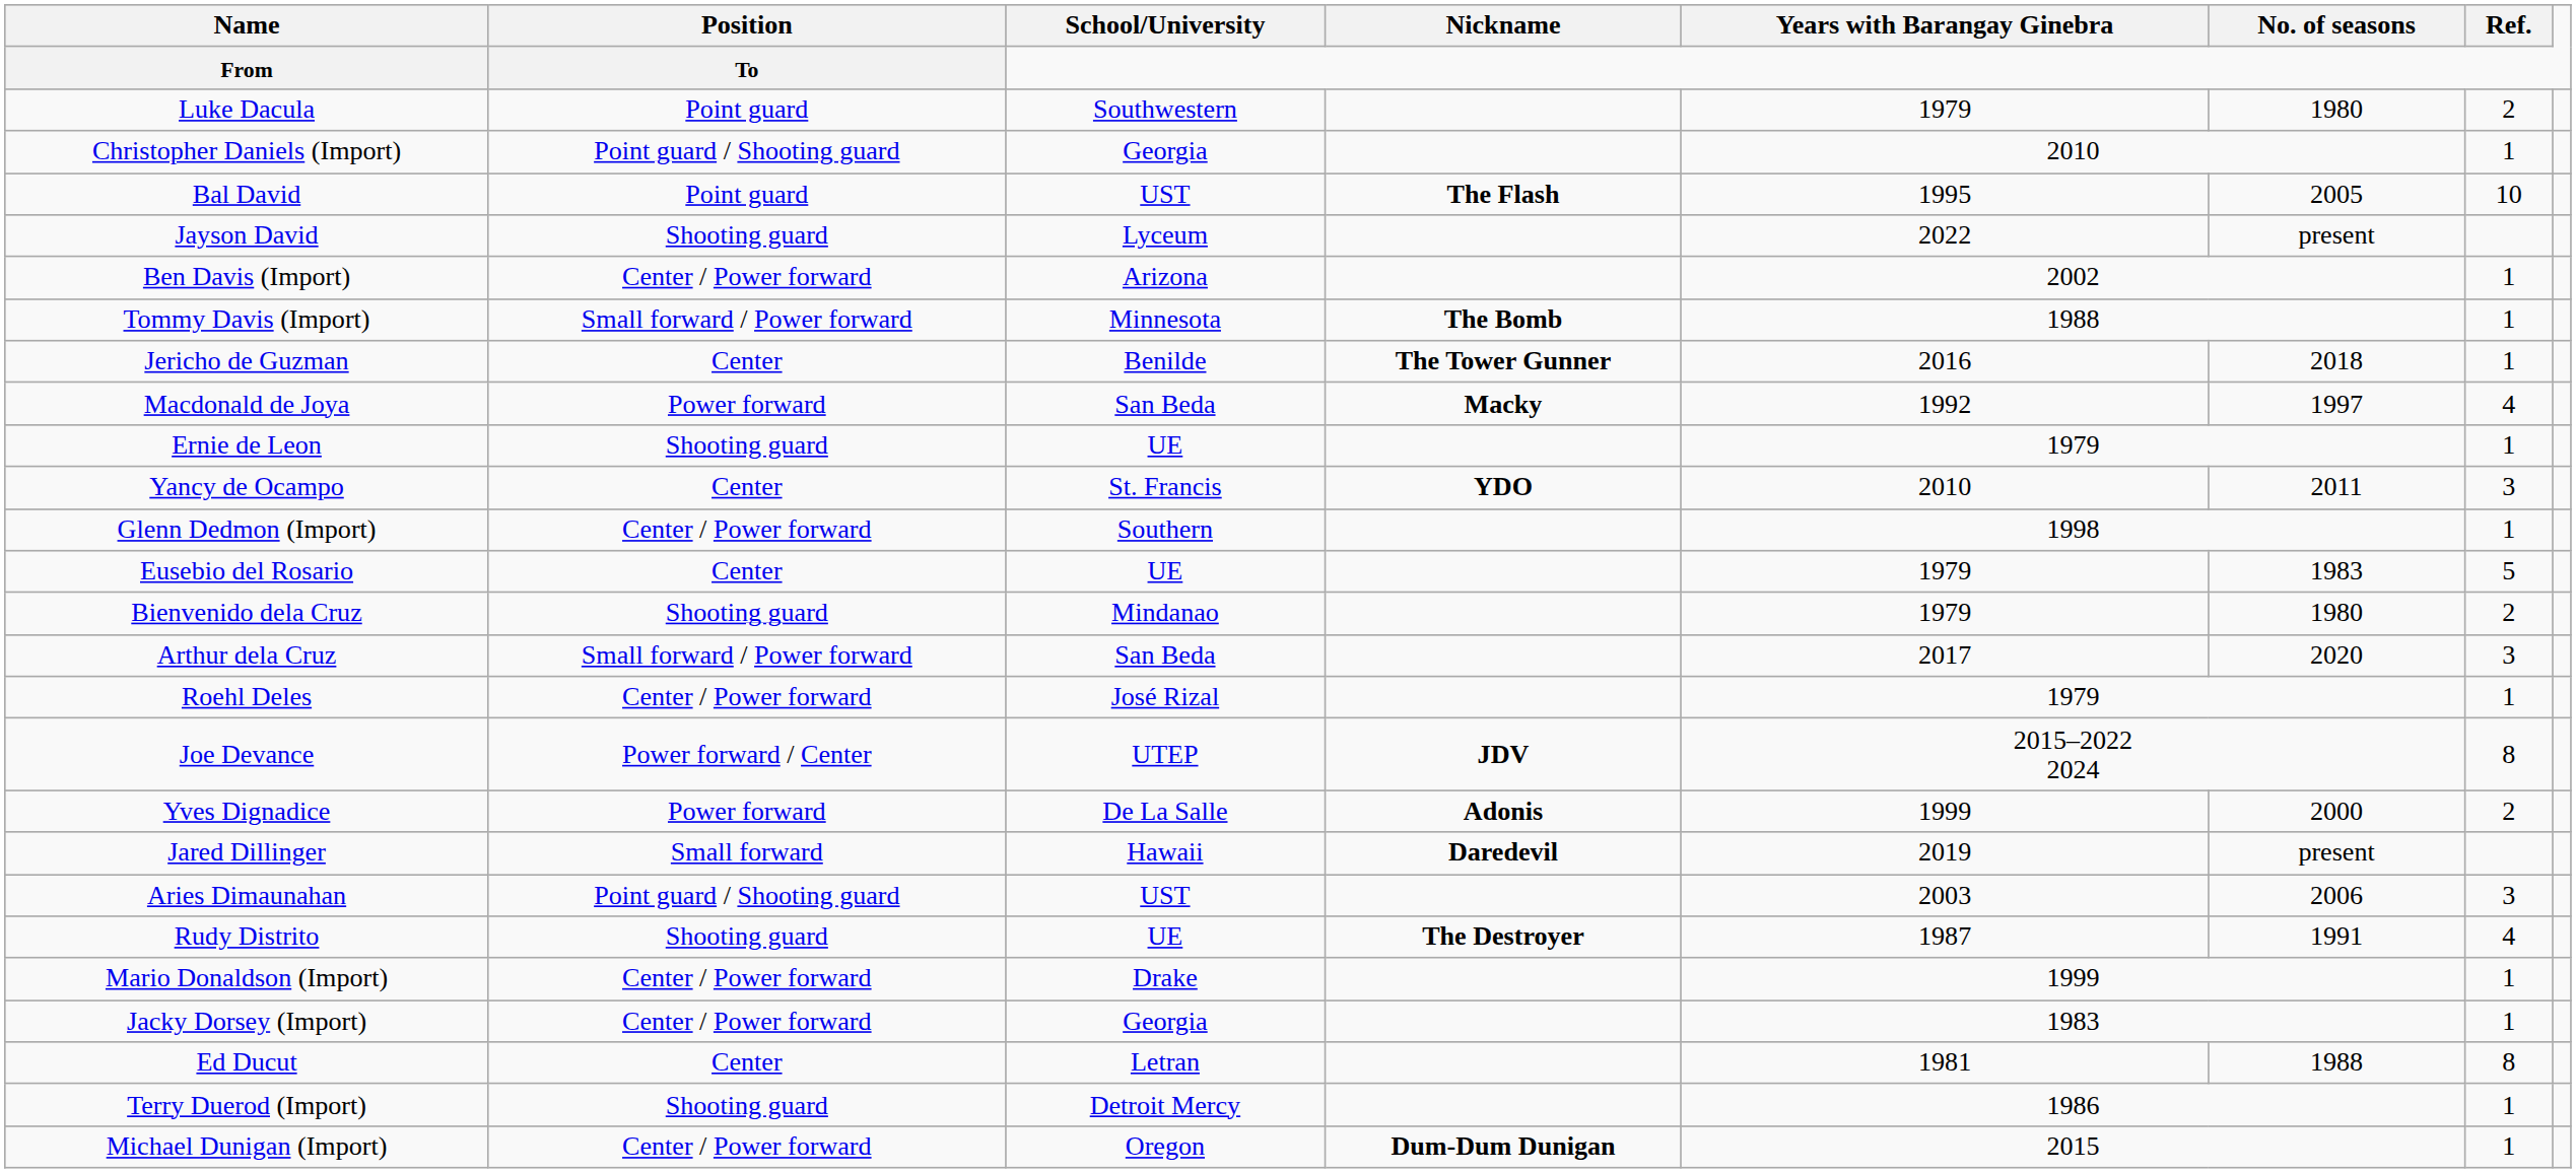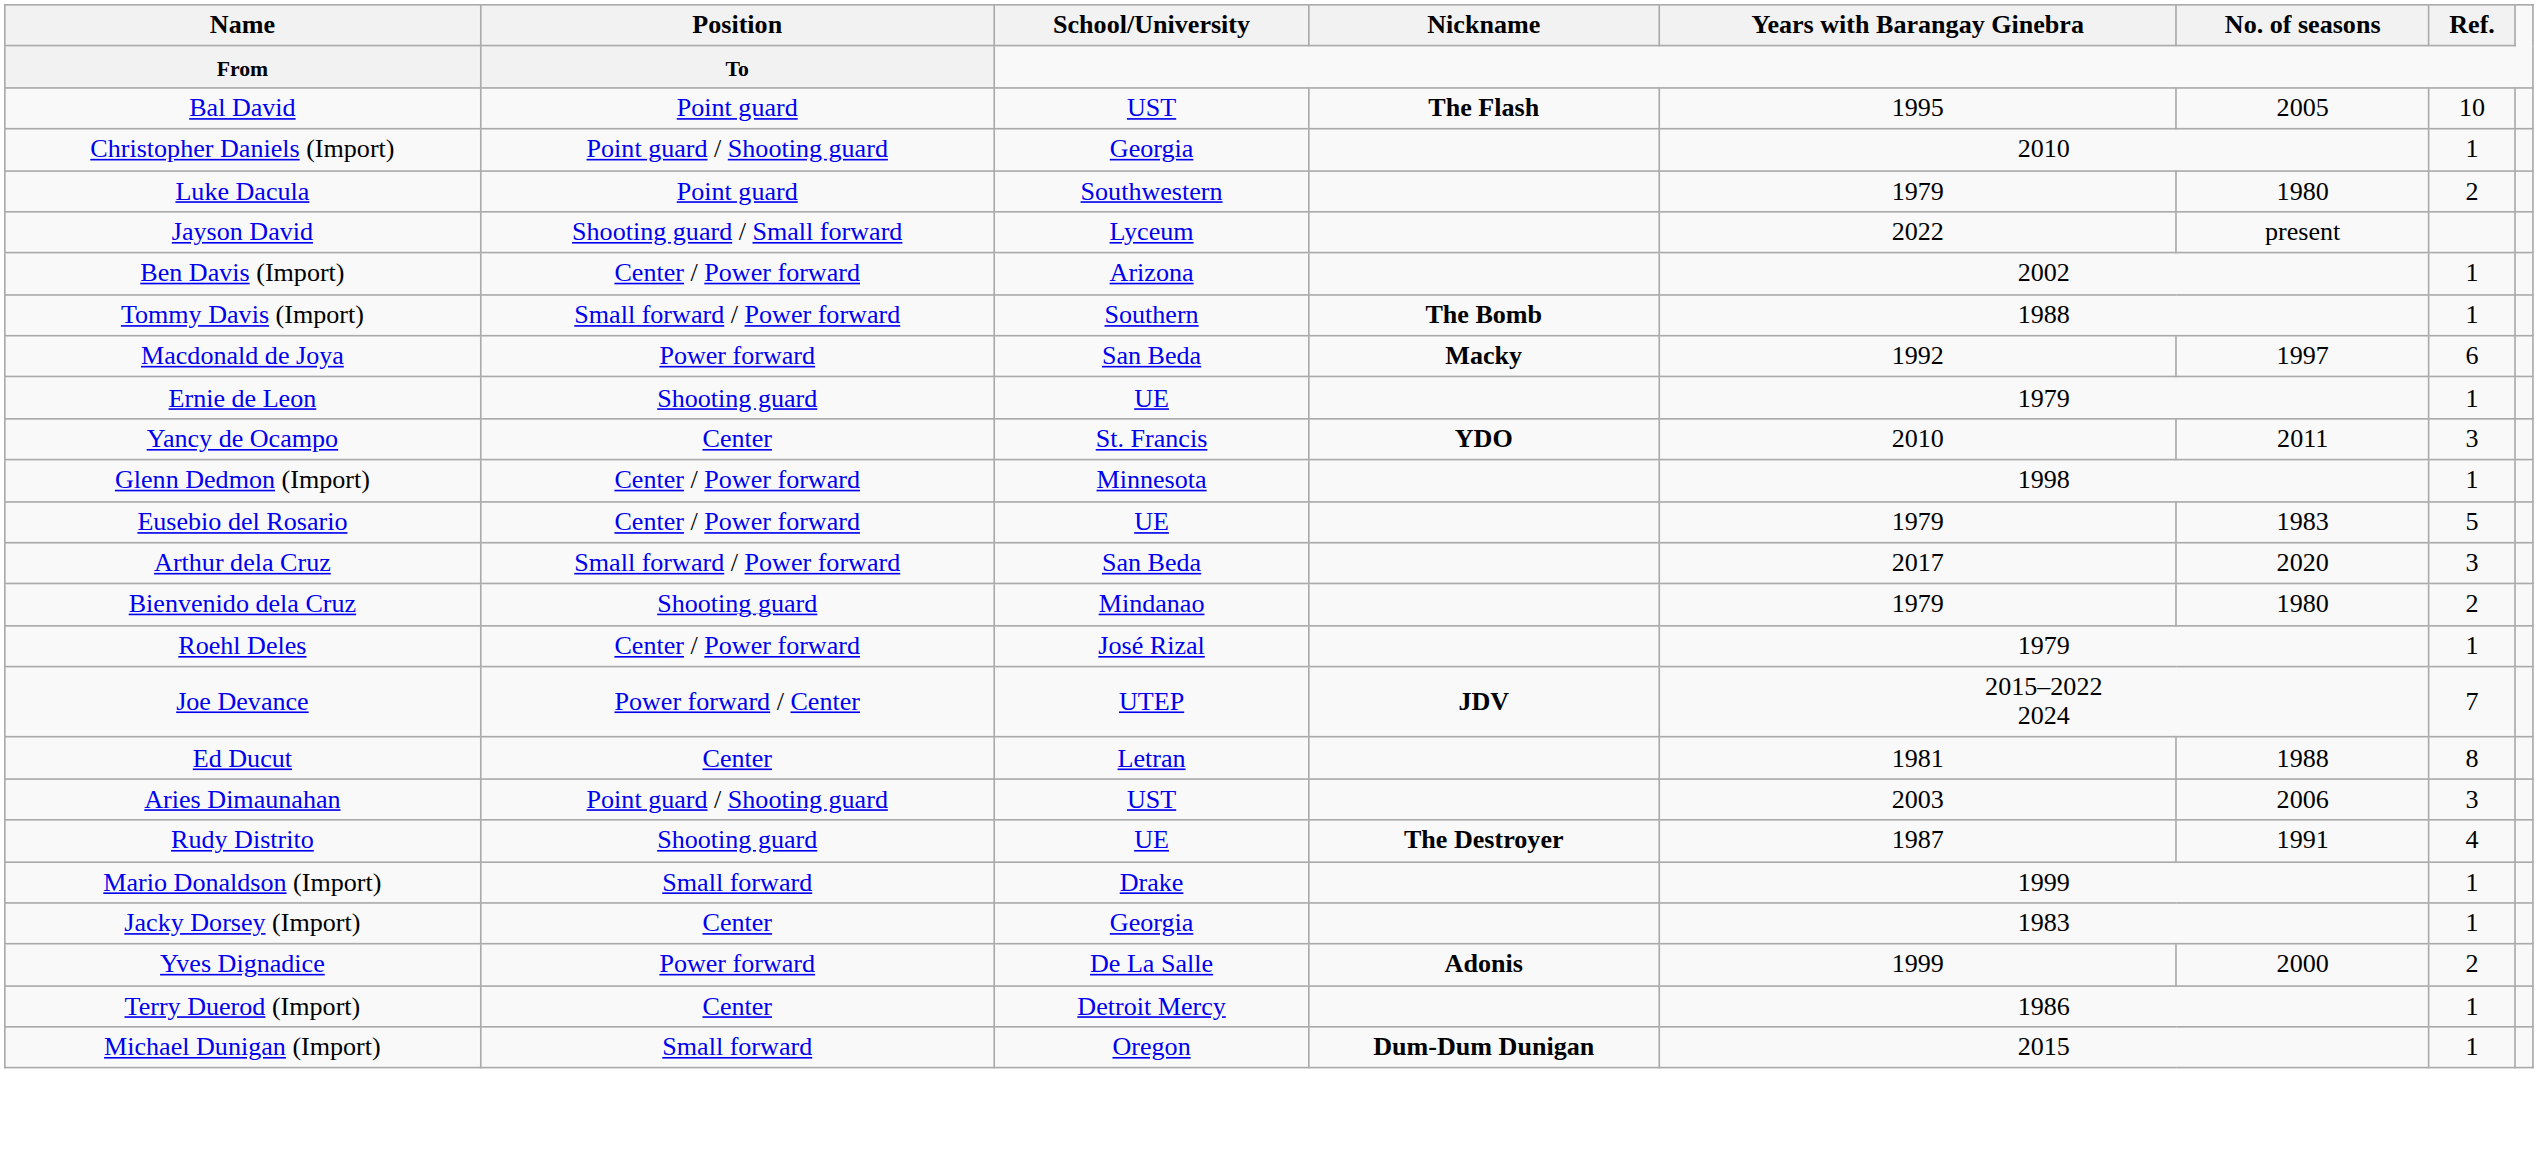 <table class="wikitable sortable" style="text-align:center" width="98%">
 <tr>
 <th>Name</th>
 <th>Position</th>
 <th>School/University</th>
 <th>Nickname</th>
 <th>Years with Barangay Ginebra</th>
 <th>No. of seasons</th>
 <th>Ref.</th>
 </tr>
 <tr>
 <th><small>From</small></th>
 <th><small>To</small></th>
 </tr>
 <tr>
-<td><a href='#'>Luke Dacula</a></td>
+<td><a href='#'>Bal David</a></td>
 <td><a href='#'>Point guard</a></td>
-<td><a href='#'>Southwestern</a></td>
-<td></td>
-<td>1979</td>
-<td>1980</td>
-<td>2</td>
+<td><a href='#'>UST</a></td>
+<td><strong>The Flash</strong></td>
+<td>1995</td>
+<td>2005</td>
+<td>10</td>
 <td></td>
 </tr>
 <tr>
 <td><a href='#'>Christopher Daniels</a> (Import)</td>
 <td><a href='#'>Point guard</a> / <a href='#'>Shooting guard</a></td>
 <td><a href='#'>Georgia</a></td>
 <td></td>
 <td colspan="2">2010</td>
 <td>1</td>
 <td></td>
 </tr>
 <tr>
-<td><a href='#'>Bal David</a></td>
+<td><a href='#'>Luke Dacula</a></td>
 <td><a href='#'>Point guard</a></td>
-<td><a href='#'>UST</a></td>
-<td><strong>The Flash</strong></td>
-<td>1995</td>
-<td>2005</td>
-<td>10</td>
+<td><a href='#'>Southwestern</a></td>
+<td></td>
+<td>1979</td>
+<td>1980</td>
+<td>2</td>
 <td></td>
 </tr>
 <tr>
 <td><a href='#'>Jayson David</a></td>
-<td><a href='#'>Shooting guard</a></td>
+<td><a href='#'>Shooting guard</a> / <a href='#'>Small forward</a></td>
 <td><a href='#'>Lyceum</a></td>
 <td></td>
 <td>2022</td>
 <td>present</td>
 <td></td>
 <td></td>
 </tr>
 <tr>
 <td><a href='#'>Ben Davis</a> (Import)</td>
 <td><a href='#'>Center</a> / <a href='#'>Power forward</a></td>
 <td><a href='#'>Arizona</a></td>
 <td></td>
 <td colspan="2">2002</td>
 <td>1</td>
 <td></td>
 </tr>
 <tr>
 <td><a href='#'>Tommy Davis</a> (Import)</td>
 <td><a href='#'>Small forward</a> / <a href='#'>Power forward</a></td>
-<td><a href='#'>Minnesota</a></td>
+<td><a href='#'>Southern</a></td>
 <td><strong>The Bomb</strong></td>
 <td colspan="2">1988</td>
-<td>1</td>
-<td></td>
-</tr>
-<tr>
-<td><a href='#'>Jericho de Guzman</a></td>
-<td><a href='#'>Center</a></td>
-<td><a href='#'>Benilde</a></td>
-<td><strong>The Tower Gunner</strong></td>
-<td>2016</td>
-<td>2018</td>
 <td>1</td>
 <td></td>
 </tr>
 <tr>
 <td><a href='#'>Macdonald de Joya</a></td>
 <td><a href='#'>Power forward</a></td>
 <td><a href='#'>San Beda</a></td>
 <td><strong>Macky</strong></td>
 <td>1992</td>
 <td>1997</td>
-<td>4</td>
+<td>6</td>
 <td></td>
 </tr>
 <tr>
 <td><a href='#'>Ernie de Leon</a></td>
 <td><a href='#'>Shooting guard</a></td>
 <td><a href='#'>UE</a></td>
 <td></td>
 <td colspan="2">1979</td>
 <td>1</td>
 <td></td>
 </tr>
 <tr>
 <td><a href='#'>Yancy de Ocampo</a></td>
 <td><a href='#'>Center</a></td>
 <td><a href='#'>St. Francis</a></td>
 <td><strong>YDO</strong></td>
 <td>2010</td>
 <td>2011</td>
 <td>3</td>
 <td></td>
 </tr>
 <tr>
 <td><a href='#'>Glenn Dedmon</a> (Import)</td>
 <td><a href='#'>Center</a> / <a href='#'>Power forward</a></td>
-<td><a href='#'>Southern</a></td>
+<td><a href='#'>Minnesota</a></td>
 <td></td>
 <td colspan="2">1998</td>
 <td>1</td>
 <td></td>
 </tr>
 <tr>
 <td><a href='#'>Eusebio del Rosario</a></td>
-<td><a href='#'>Center</a></td>
+<td><a href='#'>Center</a> / <a href='#'>Power forward</a></td>
 <td><a href='#'>UE</a></td>
 <td></td>
 <td>1979</td>
 <td>1983</td>
 <td>5</td>
+<td></td>
+</tr>
+<tr>
+<td><a href='#'>Arthur dela Cruz</a></td>
+<td><a href='#'>Small forward</a> / <a href='#'>Power forward</a></td>
+<td><a href='#'>San Beda</a></td>
+<td></td>
+<td>2017</td>
+<td>2020</td>
+<td>3</td>
 <td></td>
 </tr>
 <tr>
 <td><a href='#'>Bienvenido dela Cruz</a></td>
 <td><a href='#'>Shooting guard</a></td>
 <td><a href='#'>Mindanao</a></td>
 <td></td>
 <td>1979</td>
 <td>1980</td>
 <td>2</td>
-<td></td>
-</tr>
-<tr>
-<td><a href='#'>Arthur dela Cruz</a></td>
-<td><a href='#'>Small forward</a> / <a href='#'>Power forward</a></td>
-<td><a href='#'>San Beda</a></td>
-<td></td>
-<td>2017</td>
-<td>2020</td>
-<td>3</td>
 <td></td>
 </tr>
 <tr>
 <td><a href='#'>Roehl Deles</a></td>
 <td><a href='#'>Center</a> / <a href='#'>Power forward</a></td>
 <td><a href='#'>José Rizal</a></td>
 <td></td>
 <td colspan="2">1979</td>
 <td>1</td>
 <td></td>
 </tr>
 <tr>
 <td><a href='#'>Joe Devance</a></td>
 <td><a href='#'>Power forward</a> / <a href='#'>Center</a></td>
 <td><a href='#'>UTEP</a></td>
 <td><strong>JDV</strong></td>
 <td colspan="2">2015–2022<br>2024</td>
-<td>8</td>
+<td>7</td>
 <td></td>
 </tr>
 <tr>
-<td><a href='#'>Yves Dignadice</a></td>
-<td><a href='#'>Power forward</a></td>
-<td><a href='#'>De La Salle</a></td>
-<td><strong>Adonis</strong></td>
-<td>1999</td>
-<td>2000</td>
-<td>2</td>
+<td><a href='#'>Ed Ducut</a></td>
+<td><a href='#'>Center</a></td>
+<td><a href='#'>Letran</a></td>
 <td></td>
-</tr>
-<tr>
-<td><a href='#'>Jared Dillinger</a></td>
-<td><a href='#'>Small forward</a></td>
-<td><a href='#'>Hawaii</a></td>
-<td><strong>Daredevil</strong></td>
-<td>2019</td>
-<td>present</td>
-<td></td>
+<td>1981</td>
+<td>1988</td>
+<td>8</td>
 <td></td>
 </tr>
 <tr>
 <td><a href='#'>Aries Dimaunahan</a></td>
 <td><a href='#'>Point guard</a> / <a href='#'>Shooting guard</a></td>
 <td><a href='#'>UST</a></td>
 <td></td>
 <td>2003</td>
 <td>2006</td>
 <td>3</td>
 <td></td>
 </tr>
 <tr>
 <td><a href='#'>Rudy Distrito</a></td>
 <td><a href='#'>Shooting guard</a></td>
 <td><a href='#'>UE</a></td>
 <td><strong>The Destroyer</strong></td>
 <td>1987</td>
 <td>1991</td>
 <td>4</td>
 <td></td>
 </tr>
 <tr>
 <td><a href='#'>Mario Donaldson</a> (Import)</td>
-<td><a href='#'>Center</a> / <a href='#'>Power forward</a></td>
+<td><a href='#'>Small forward</a></td>
 <td><a href='#'>Drake</a></td>
 <td></td>
 <td colspan="2">1999</td>
 <td>1</td>
 <td></td>
 </tr>
 <tr>
 <td><a href='#'>Jacky Dorsey</a> (Import)</td>
-<td><a href='#'>Center</a> / <a href='#'>Power forward</a></td>
+<td><a href='#'>Center</a></td>
 <td><a href='#'>Georgia</a></td>
 <td></td>
 <td colspan="2">1983</td>
 <td>1</td>
 <td></td>
 </tr>
 <tr>
-<td><a href='#'>Ed Ducut</a></td>
-<td><a href='#'>Center</a></td>
-<td><a href='#'>Letran</a></td>
-<td></td>
-<td>1981</td>
-<td>1988</td>
-<td>8</td>
+<td><a href='#'>Yves Dignadice</a></td>
+<td><a href='#'>Power forward</a></td>
+<td><a href='#'>De La Salle</a></td>
+<td><strong>Adonis</strong></td>
+<td>1999</td>
+<td>2000</td>
+<td>2</td>
 <td></td>
 </tr>
 <tr>
 <td><a href='#'>Terry Duerod</a> (Import)</td>
-<td><a href='#'>Shooting guard</a></td>
+<td><a href='#'>Center</a></td>
 <td><a href='#'>Detroit Mercy</a></td>
 <td></td>
 <td colspan="2">1986</td>
 <td>1</td>
 <td></td>
 </tr>
 <tr>
 <td><a href='#'>Michael Dunigan</a> (Import)</td>
-<td><a href='#'>Center</a> / <a href='#'>Power forward</a></td>
+<td><a href='#'>Small forward</a></td>
 <td><a href='#'>Oregon</a></td>
 <td><strong>Dum-Dum Dunigan</strong></td>
 <td colspan="2">2015</td>
 <td>1</td>
 <td></td>
 </tr>
 </table>
